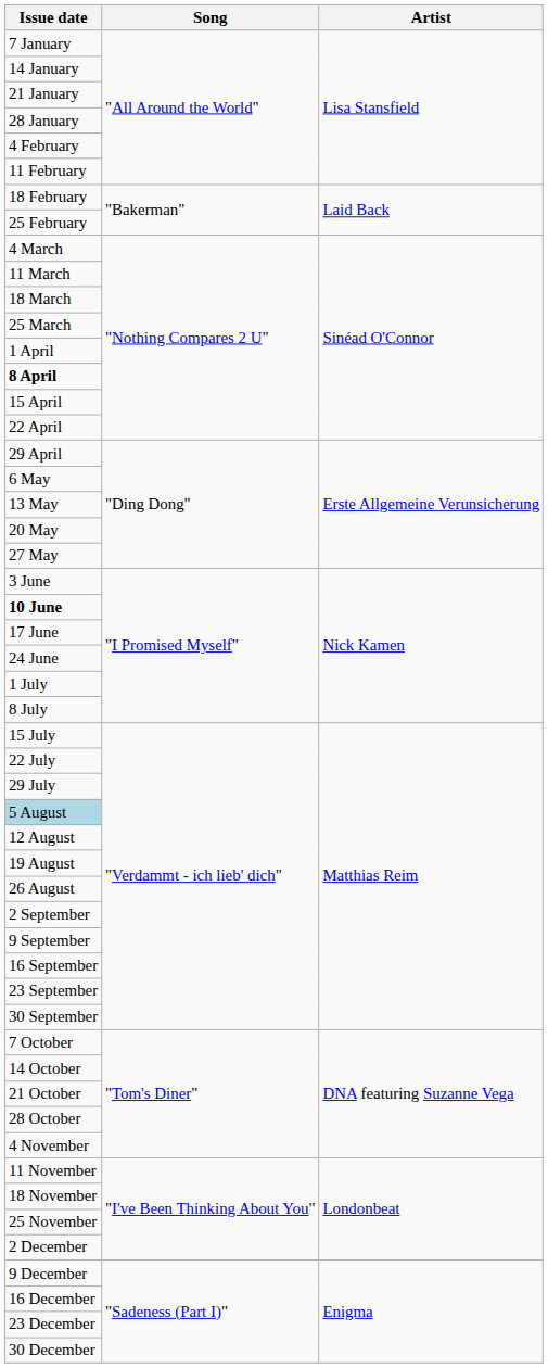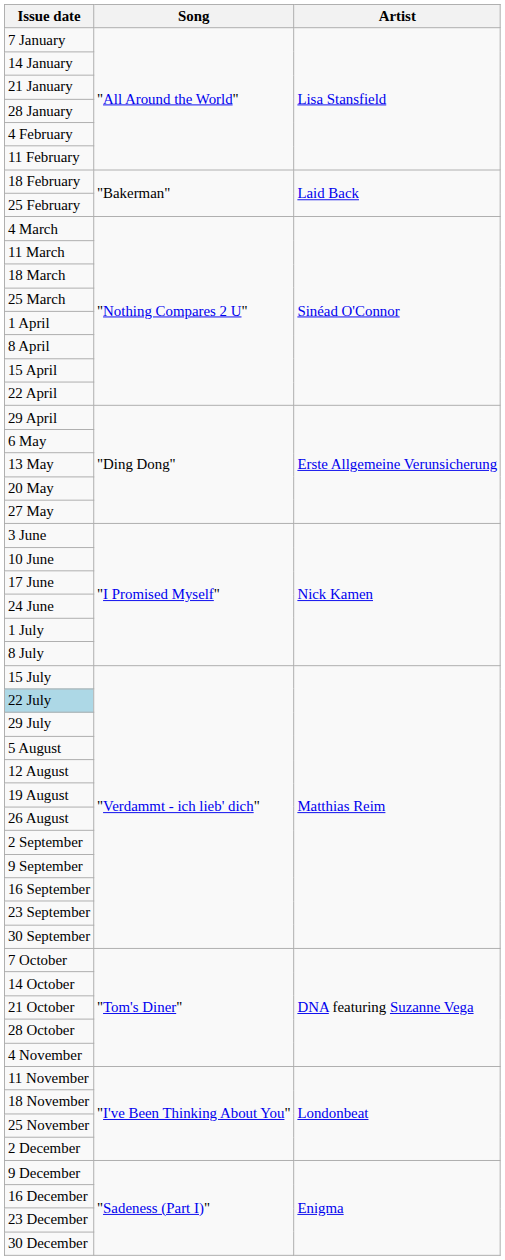 <table class="wikitable sortable">
 <tr>
 <th>Issue date</th>
 <th>Song</th>
 <th>Artist</th>
 </tr>
 <tr>
 <td>7 January</td>
 <td rowspan=6>"<a href='#'>All Around the World</a>"</td>
 <td rowspan=6><a href='#'>Lisa Stansfield</a></td>
 </tr>
 <tr>
 <td>14 January</td>
 </tr>
 <tr>
 <td>21 January</td>
 </tr>
 <tr>
 <td>28 January</td>
 </tr>
 <tr>
 <td>4 February</td>
 </tr>
 <tr>
 <td>11 February</td>
 </tr>
 <tr>
 <td>18 February</td>
 <td rowspan=2>"Bakerman"</td>
 <td rowspan=2><a href='#'>Laid Back</a></td>
 </tr>
 <tr>
 <td>25 February</td>
 </tr>
 <tr>
 <td>4 March</td>
 <td rowspan=8>"<a href='#'>Nothing Compares 2 U</a>"</td>
 <td rowspan=8><a href='#'>Sinéad O'Connor</a></td>
 </tr>
 <tr>
 <td>11 March</td>
 </tr>
 <tr>
 <td>18 March</td>
 </tr>
 <tr>
 <td>25 March</td>
 </tr>
 <tr>
 <td>1 April</td>
 </tr>
 <tr>
-<td><strong>8 April</strong></td>
+<td>8 April</td>
 </tr>
 <tr>
 <td>15 April</td>
 </tr>
 <tr>
 <td>22 April</td>
 </tr>
 <tr>
 <td>29 April</td>
 <td rowspan=5>"Ding Dong"</td>
 <td rowspan=5><a href='#'>Erste Allgemeine Verunsicherung</a></td>
 </tr>
 <tr>
 <td>6 May</td>
 </tr>
 <tr>
 <td>13 May</td>
 </tr>
 <tr>
 <td>20 May</td>
 </tr>
 <tr>
 <td>27 May</td>
 </tr>
 <tr>
 <td>3 June</td>
 <td rowspan=6>"<a href='#'>I Promised Myself</a>"</td>
 <td rowspan=6><a href='#'>Nick Kamen</a></td>
 </tr>
 <tr>
-<td><strong>10 June</strong></td>
+<td>10 June</td>
 </tr>
 <tr>
 <td>17 June</td>
 </tr>
 <tr>
 <td>24 June</td>
 </tr>
 <tr>
 <td>1 July</td>
 </tr>
 <tr>
 <td>8 July</td>
 </tr>
 <tr>
 <td>15 July</td>
 <td rowspan=12>"<a href='#'>Verdammt - ich lieb' dich</a>"</td>
 <td rowspan=12><a href='#'>Matthias Reim</a></td>
 </tr>
 <tr>
-<td>22 July</td>
+<td style="background: lightblue;">22 July</td>
 </tr>
 <tr>
 <td>29 July</td>
 </tr>
 <tr>
-<td style="background: lightblue;">5 August</td>
+<td>5 August</td>
 </tr>
 <tr>
 <td>12 August</td>
 </tr>
 <tr>
 <td>19 August</td>
 </tr>
 <tr>
 <td>26 August</td>
 </tr>
 <tr>
 <td>2 September</td>
 </tr>
 <tr>
 <td>9 September</td>
 </tr>
 <tr>
 <td>16 September</td>
 </tr>
 <tr>
 <td>23 September</td>
 </tr>
 <tr>
 <td>30 September</td>
 </tr>
 <tr>
 <td>7 October</td>
 <td rowspan=5>"<a href='#'>Tom's Diner</a>"</td>
 <td rowspan=5><a href='#'>DNA</a> featuring <a href='#'>Suzanne Vega</a></td>
 </tr>
 <tr>
 <td>14 October</td>
 </tr>
 <tr>
 <td>21 October</td>
 </tr>
 <tr>
 <td>28 October</td>
 </tr>
 <tr>
 <td>4 November</td>
 </tr>
 <tr>
 <td>11 November</td>
 <td rowspan=4>"<a href='#'>I've Been Thinking About You</a>"</td>
 <td rowspan=4><a href='#'>Londonbeat</a></td>
 </tr>
 <tr>
 <td>18 November</td>
 </tr>
 <tr>
 <td>25 November</td>
 </tr>
 <tr>
 <td>2 December</td>
 </tr>
 <tr>
 <td>9 December</td>
 <td rowspan=4>"<a href='#'>Sadeness (Part I)</a>"</td>
 <td rowspan=4><a href='#'>Enigma</a></td>
 </tr>
 <tr>
 <td>16 December</td>
 </tr>
 <tr>
 <td>23 December</td>
 </tr>
 <tr>
 <td>30 December</td>
 </tr>
 </table>
